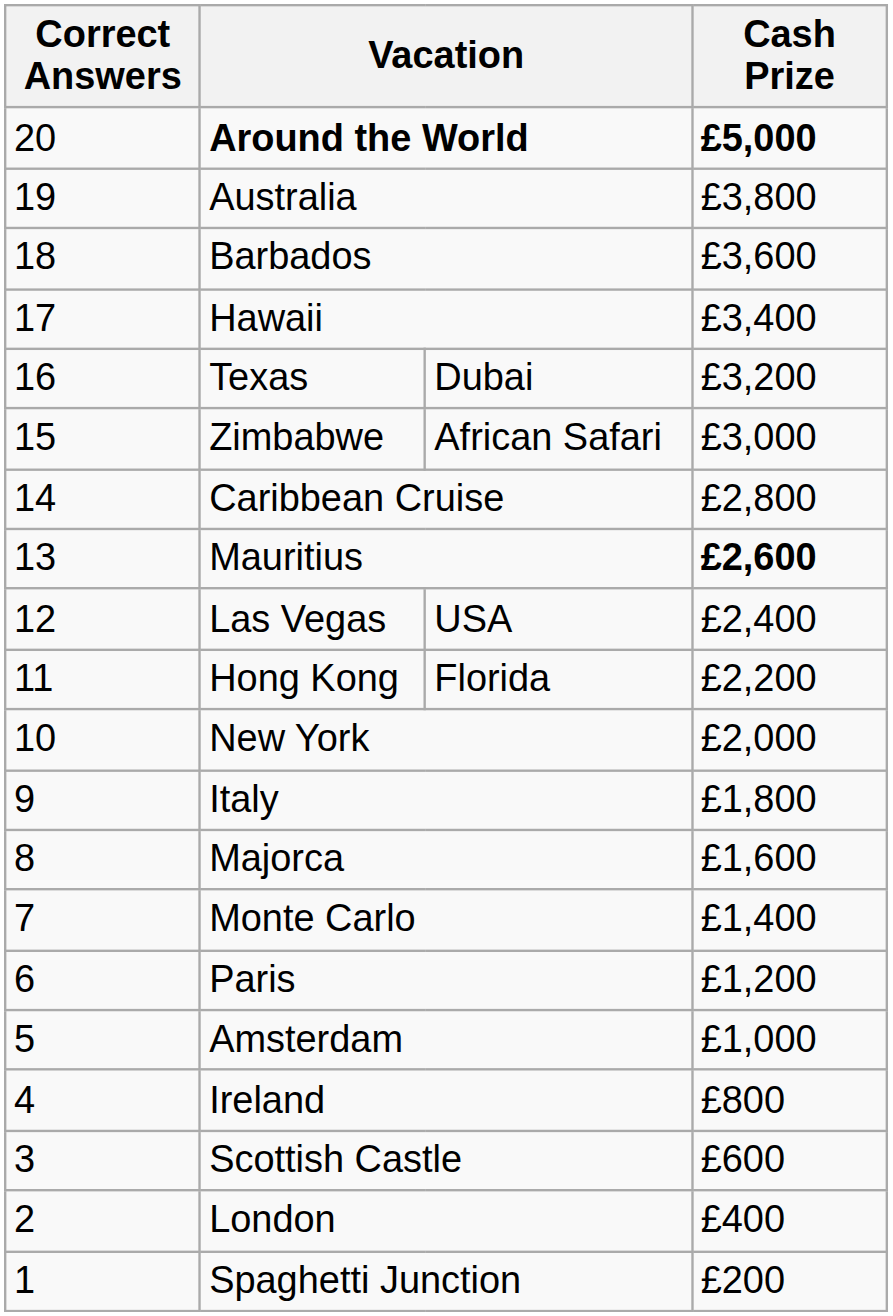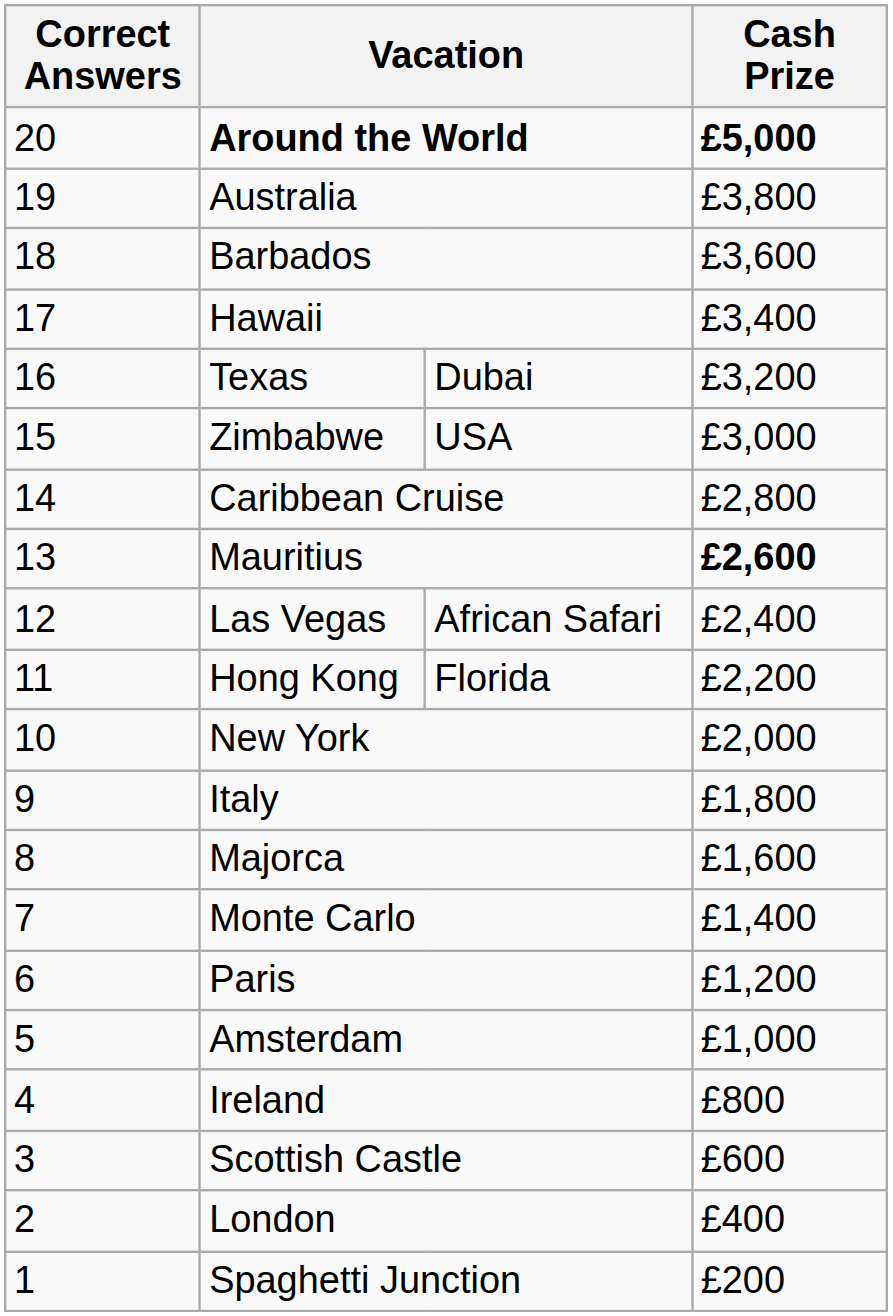 <table class="wikitable">
 <tr>
 <th style="width:75px">Correct Answers</th>
 <th style="width:200px" colspan="2">Vacation</th>
 <th style="width:75px">Cash Prize</th>
 </tr>
 <tr>
 <td>20</td>
 <td colspan="2"><strong>Around the World</strong></td>
 <td><strong>£5,000</strong></td>
 </tr>
 <tr>
 <td>19</td>
 <td colspan="2">Australia</td>
 <td>£3,800</td>
 </tr>
 <tr>
 <td>18</td>
 <td colspan="2">Barbados</td>
 <td>£3,600</td>
 </tr>
 <tr>
 <td>17</td>
 <td colspan="2">Hawaii</td>
 <td>£3,400</td>
 </tr>
 <tr>
 <td>16</td>
 <td>Texas</td>
 <td>Dubai</td>
 <td>£3,200</td>
 </tr>
 <tr>
 <td>15</td>
 <td>Zimbabwe</td>
-<td>African Safari</td>
+<td>USA</td>
 <td>£3,000</td>
 </tr>
 <tr>
 <td>14</td>
 <td colspan="2">Caribbean Cruise</td>
 <td>£2,800</td>
 </tr>
 <tr>
 <td>13</td>
 <td colspan="2">Mauritius</td>
 <td><strong>£2,600</strong></td>
 </tr>
 <tr>
 <td>12</td>
 <td>Las Vegas</td>
-<td>USA</td>
+<td>African Safari</td>
 <td>£2,400</td>
 </tr>
 <tr>
 <td>11</td>
 <td>Hong Kong</td>
 <td>Florida</td>
 <td>£2,200</td>
 </tr>
 <tr>
 <td>10</td>
 <td colspan="2">New York</td>
 <td>£2,000</td>
 </tr>
 <tr>
 <td>9</td>
 <td colspan="2">Italy</td>
 <td>£1,800</td>
 </tr>
 <tr>
 <td>8</td>
 <td colspan="2">Majorca</td>
 <td>£1,600</td>
 </tr>
 <tr>
 <td>7</td>
 <td colspan="2">Monte Carlo</td>
 <td>£1,400</td>
 </tr>
 <tr>
 <td>6</td>
 <td colspan="2">Paris</td>
 <td>£1,200</td>
 </tr>
 <tr>
 <td>5</td>
 <td colspan="2">Amsterdam</td>
 <td>£1,000</td>
 </tr>
 <tr>
 <td>4</td>
 <td colspan="2">Ireland</td>
 <td>£800</td>
 </tr>
 <tr>
 <td>3</td>
 <td colspan="2">Scottish Castle</td>
 <td>£600</td>
 </tr>
 <tr>
 <td>2</td>
 <td colspan="2">London</td>
 <td>£400</td>
 </tr>
 <tr>
 <td>1</td>
 <td colspan="2">Spaghetti Junction</td>
 <td>£200</td>
 </tr>
 </table>
